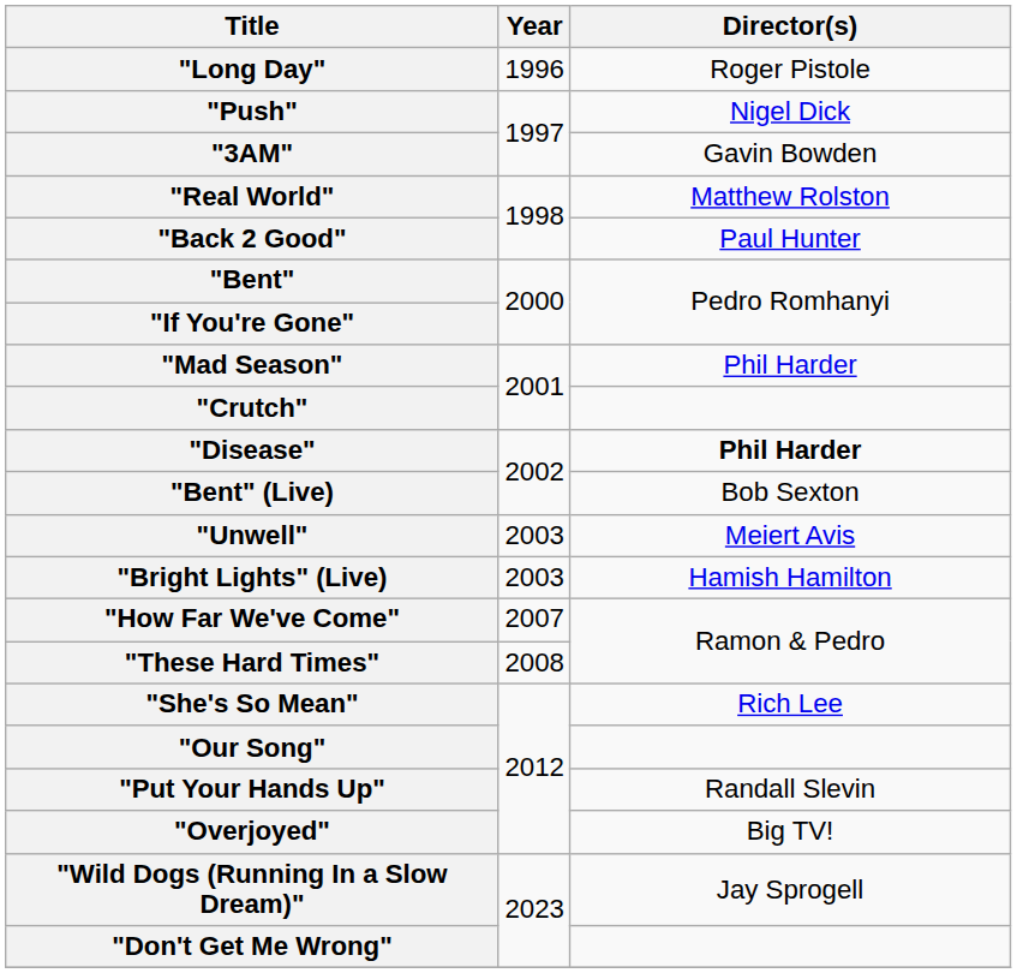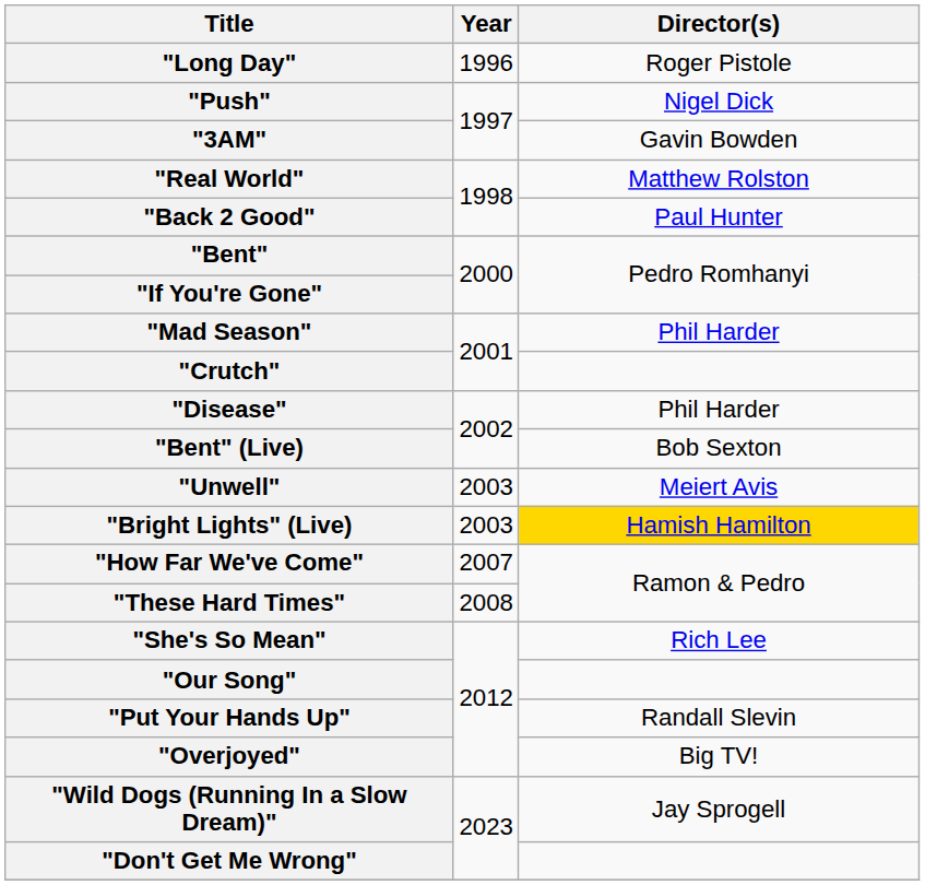 <table class="wikitable plainrowheaders" style="text-align:center;">
 <tr>
 <th scope="col" style="width:18em;">Title</th>
 <th scope="col">Year</th>
 <th scope="col" style="width:16em;">Director(s)</th>
 </tr>
 <tr>
 <th scope="row">"Long Day"</th>
 <td>1996</td>
 <td>Roger Pistole</td>
 </tr>
 <tr>
 <th scope="row">"Push"</th>
 <td rowspan="2">1997</td>
 <td><a href='#'>Nigel Dick</a></td>
 </tr>
 <tr>
 <th scope="row">"3AM"</th>
 <td>Gavin Bowden</td>
 </tr>
 <tr>
 <th scope="row">"Real World"</th>
 <td rowspan="2">1998</td>
 <td><a href='#'>Matthew Rolston</a></td>
 </tr>
 <tr>
 <th scope="row">"Back 2 Good"</th>
 <td><a href='#'>Paul Hunter</a></td>
 </tr>
 <tr>
 <th scope="row">"Bent"</th>
 <td rowspan="2">2000</td>
 <td rowspan="2">Pedro Romhanyi</td>
 </tr>
 <tr>
 <th scope="row">"If You're Gone"</th>
 </tr>
 <tr>
 <th scope="row">"Mad Season"</th>
 <td rowspan="2">2001</td>
 <td><a href='#'>Phil Harder</a></td>
 </tr>
 <tr>
 <th scope="row">"Crutch"</th>
 <td></td>
 </tr>
 <tr>
 <th scope="row">"Disease"</th>
 <td rowspan="2">2002</td>
-<td><strong>Phil Harder</strong></td>
+<td>Phil Harder</td>
 </tr>
 <tr>
 <th scope="row">"Bent" (Live)</th>
 <td>Bob Sexton</td>
 </tr>
 <tr>
 <th scope="row">"Unwell"</th>
 <td>2003</td>
 <td><a href='#'>Meiert Avis</a></td>
 </tr>
 <tr>
 <th scope="row">"Bright Lights" (Live)</th>
 <td>2003</td>
-<td><a href='#'>Hamish Hamilton</a></td>
+<td style="background: gold;"><a href='#'>Hamish Hamilton</a></td>
 </tr>
 <tr>
 <th scope="row">"How Far We've Come"</th>
 <td>2007</td>
 <td rowspan="2">Ramon & Pedro</td>
 </tr>
 <tr>
 <th scope="row">"These Hard Times"</th>
 <td>2008</td>
 </tr>
 <tr>
 <th scope="row">"She's So Mean"</th>
 <td rowspan="4">2012</td>
 <td><a href='#'>Rich Lee</a></td>
 </tr>
 <tr>
 <th scope="row">"Our Song"</th>
 <td></td>
 </tr>
 <tr>
 <th scope="row">"Put Your Hands Up"</th>
 <td>Randall Slevin</td>
 </tr>
 <tr>
 <th scope="row">"Overjoyed"</th>
 <td>Big TV!</td>
 </tr>
 <tr>
 <th scope="row">"Wild Dogs (Running In a Slow Dream)"</th>
 <td rowspan="2">2023</td>
 <td>Jay Sprogell</td>
 </tr>
 <tr>
 <th scope="row">"Don't Get Me Wrong"</th>
 <td></td>
 </tr>
 <tr>
 </tr>
 </table>
